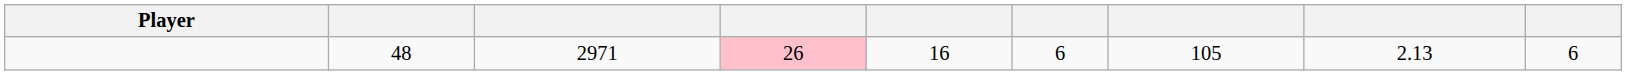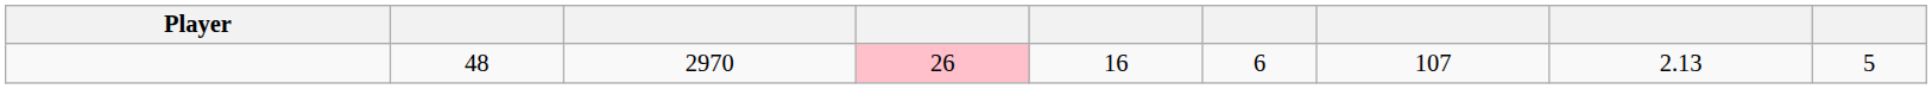 <table class="wikitable sortable" style="width:100%;">
 <tr style="text-align:center; background:#ddd;">
 <th>Player</th>
 <th></th>
 <th></th>
 <th></th>
 <th></th>
 <th></th>
 <th></th>
 <th></th>
 <th></th>
 </tr>
 <tr align=center>
 <td></td>
 <td>48</td>
-<td>2971</td>
+<td>2970</td>
 <td style="background: pink;">26</td>
 <td>16</td>
 <td>6</td>
-<td>105</td>
+<td>107</td>
 <td>2.13</td>
-<td>6</td>
+<td>5</td>
 </tr>
 </table>
